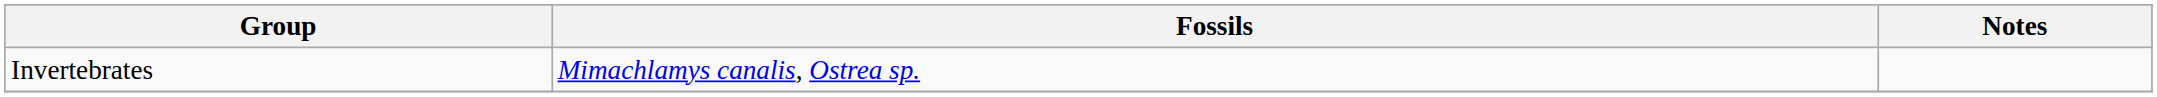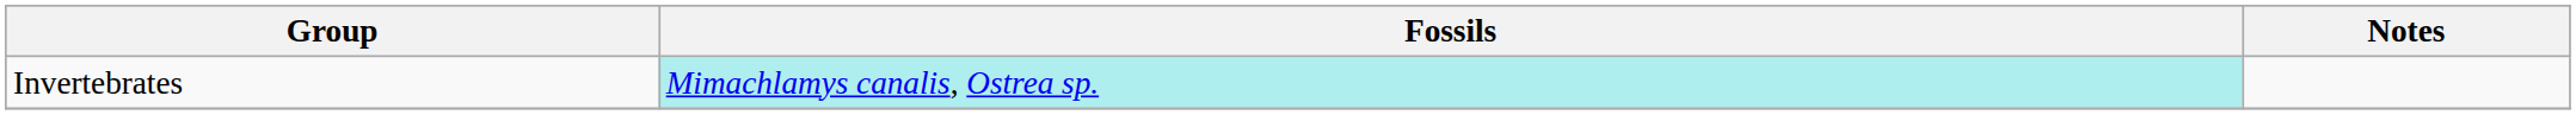 <table class="wikitable sortable mw-collapsible" width=100%>
 <tr>
 <th>Group</th>
 <th>Fossils</th>
 <th>Notes</th>
 </tr>
 <tr>
 <td style="background-color: ">Invertebrates</td>
-<td><em><a href='#'>Mimachlamys canalis</a></em>, <em><a href='#'>Ostrea sp.</a></em></td>
+<td style="background: paleturquoise;"><em><a href='#'>Mimachlamys canalis</a></em>, <em><a href='#'>Ostrea sp.</a></em></td>
 <td></td>
 </tr>
 <tr>
 </tr>
 </table>
